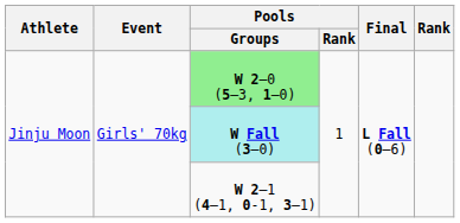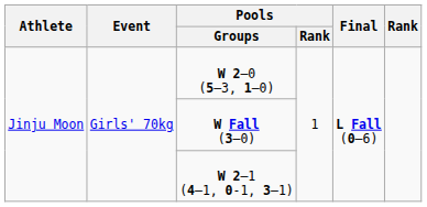 <table class="wikitable" style="text-align:left; font-size:90%">
 <tr>
 <th rowspan="2">Athlete</th>
 <th rowspan="2">Event</th>
 <th colspan="2">Pools</th>
 <th rowspan="2">Final</th>
 <th rowspan="2">Rank</th>
 </tr>
 <tr>
 <th>Groups</th>
 <th>Rank</th>
 </tr>
 <tr>
 <td rowspan="3"><a href='#'>Jinju Moon</a></td>
 <td rowspan="3"><a href='#'>Girls' 70kg</a></td>
-<td align=center style="background: lightgreen;"><br><strong>W</strong> <strong>2</strong>–0<br>(<strong>5</strong>–3, <strong>1</strong>–0)</td>
+<td align=center><br><strong>W</strong> <strong>2</strong>–0<br>(<strong>5</strong>–3, <strong>1</strong>–0)</td>
 <td rowspan="3" align=center>1</td>
 <td align=center rowspan=3><br><strong>L</strong> <strong><a href='#'>Fall</a></strong><br>(<strong>0</strong>–6)</td>
 <td rowspan="3" align="center"></td>
 </tr>
 <tr>
-<td align=center style="background: paleturquoise;"><br><strong>W</strong> <strong><a href='#'>Fall</a></strong><br>(<strong>3</strong>–0)</td>
+<td align=center><br><strong>W</strong> <strong><a href='#'>Fall</a></strong><br>(<strong>3</strong>–0)</td>
 </tr>
 <tr>
 <td align=center><br><strong>W</strong> <strong>2</strong>–1<br>(<strong>4</strong>–1, <strong>0</strong>-1, <strong>3</strong>–1)</td>
 </tr>
 </table>
